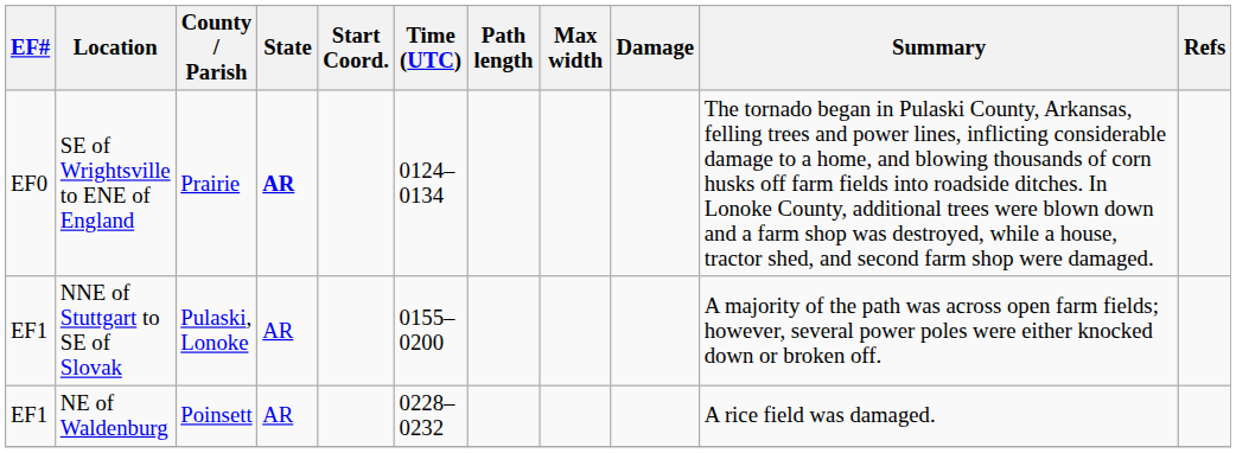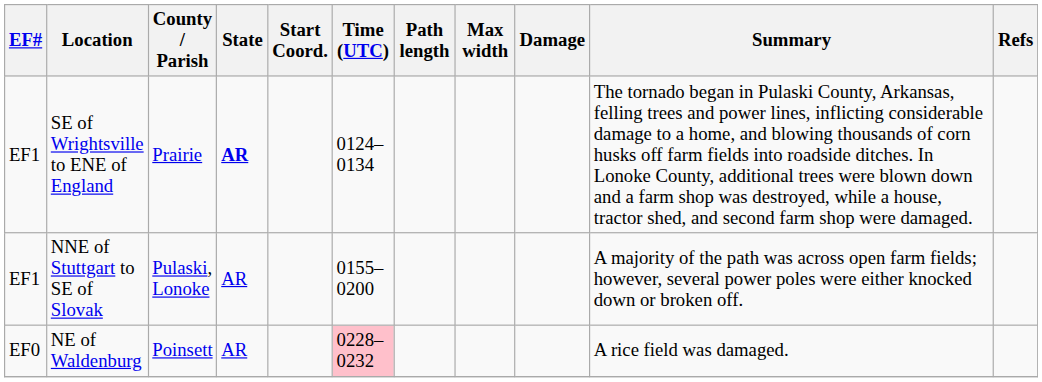 <table class="wikitable sortable" style="width:100%;">
 <tr>
 <th scope="col" width="3%" align="center"><a href='#'>EF#</a></th>
 <th scope="col" width="7%" align="center" class="unsortable">Location</th>
 <th scope="col" width="6%" align="center" class="unsortable">County / Parish</th>
 <th scope="col" width="5%" align="center">State</th>
 <th scope="col" width="6%" align="center">Start Coord.</th>
 <th scope="col" width="6%" align="center">Time (<a href='#'>UTC</a>)</th>
 <th scope="col" width="6%" align="center">Path length</th>
 <th scope="col" width="6%" align="center">Max width</th>
 <th scope="col" width="6%" align="center">Damage</th>
 <th scope="col" width="48%" class="unsortable" align="center">Summary</th>
 <th scope="col" width="48%" class="unsortable" align="center">Refs</th>
 </tr>
 <tr>
-<td>EF0</td>
+<td>EF1</td>
 <td>SE of <a href='#'>Wrightsville</a> to ENE of <a href='#'>England</a></td>
 <td><a href='#'>Prairie</a></td>
 <td><strong><a href='#'>AR</a></strong></td>
 <td></td>
 <td>0124–0134</td>
 <td></td>
 <td></td>
 <td></td>
 <td>The tornado began in Pulaski County, Arkansas, felling trees and power lines, inflicting considerable damage to a home, and blowing thousands of corn husks off farm fields into roadside ditches. In Lonoke County, additional trees were blown down and a farm shop was destroyed, while a house, tractor shed, and second farm shop were damaged.</td>
 <td></td>
 </tr>
 <tr>
 <td>EF1</td>
 <td>NNE of <a href='#'>Stuttgart</a> to SE of <a href='#'>Slovak</a></td>
 <td><a href='#'>Pulaski</a>, <a href='#'>Lonoke</a></td>
 <td><a href='#'>AR</a></td>
 <td></td>
 <td>0155–0200</td>
 <td></td>
 <td></td>
 <td></td>
 <td>A majority of the path was across open farm fields; however, several power poles were either knocked down or broken off.</td>
 <td></td>
 </tr>
 <tr>
-<td>EF1</td>
+<td>EF0</td>
 <td>NE of <a href='#'>Waldenburg</a></td>
 <td><a href='#'>Poinsett</a></td>
 <td><a href='#'>AR</a></td>
 <td></td>
-<td>0228–0232</td>
+<td style="background: pink;">0228–0232</td>
 <td></td>
 <td></td>
 <td></td>
 <td>A rice field was damaged.</td>
 <td></td>
 </tr>
 <tr>
 </tr>
 </table>
